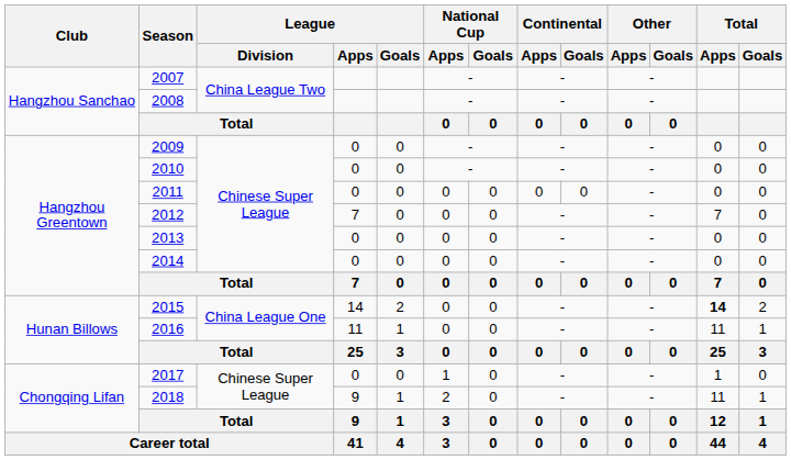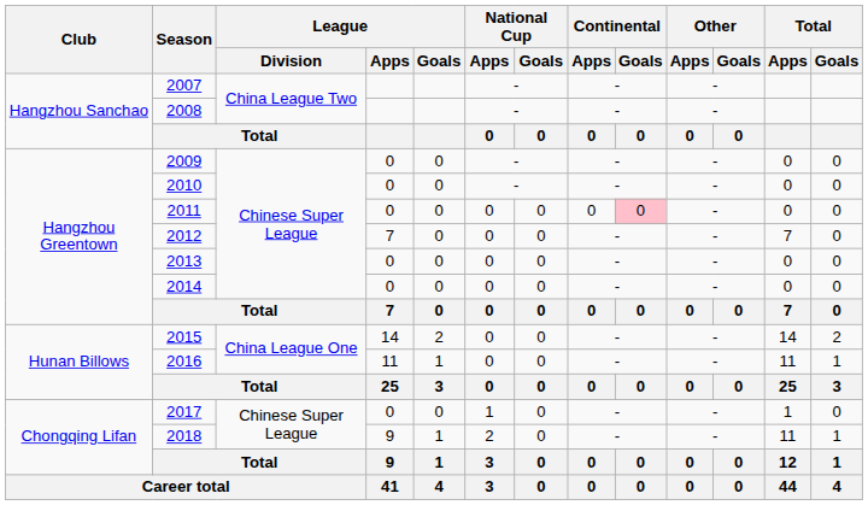 <table class="wikitable" style="text-align: center">
 <tr>
 <th rowspan="2">Club</th>
 <th rowspan="2">Season</th>
 <th colspan="3">League</th>
 <th colspan="2">National Cup</th>
 <th colspan="2">Continental</th>
 <th colspan="2">Other</th>
 <th colspan="2">Total</th>
 </tr>
 <tr>
 <th>Division</th>
 <th>Apps</th>
 <th>Goals</th>
 <th>Apps</th>
 <th>Goals</th>
 <th>Apps</th>
 <th>Goals</th>
 <th>Apps</th>
 <th>Goals</th>
 <th>Apps</th>
 <th>Goals</th>
 </tr>
 <tr>
 <td rowspan="3"><a href='#'>Hangzhou Sanchao</a></td>
 <td><a href='#'>2007</a></td>
 <td rowspan="2"><a href='#'>China League Two</a></td>
 <td></td>
 <td></td>
 <td colspan="2">-</td>
 <td colspan="2">-</td>
 <td colspan="2">-</td>
 <td></td>
 <td></td>
 </tr>
 <tr>
 <td><a href='#'>2008</a></td>
 <td></td>
 <td></td>
 <td colspan="2">-</td>
 <td colspan="2">-</td>
 <td colspan="2">-</td>
 <td></td>
 <td></td>
 </tr>
 <tr>
 <th colspan="2">Total</th>
 <th></th>
 <th></th>
 <th>0</th>
 <th>0</th>
 <th>0</th>
 <th>0</th>
 <th>0</th>
 <th>0</th>
 <th></th>
 <th></th>
 </tr>
 <tr>
 <td rowspan="7"><a href='#'>Hangzhou Greentown</a></td>
 <td><a href='#'>2009</a></td>
 <td rowspan="6"><a href='#'>Chinese Super League</a></td>
 <td>0</td>
 <td>0</td>
 <td colspan="2">-</td>
 <td colspan="2">-</td>
 <td colspan="2">-</td>
 <td>0</td>
 <td>0</td>
 </tr>
 <tr>
 <td><a href='#'>2010</a></td>
 <td>0</td>
 <td>0</td>
 <td colspan="2">-</td>
 <td colspan="2">-</td>
 <td colspan="2">-</td>
 <td>0</td>
 <td>0</td>
 </tr>
 <tr>
 <td><a href='#'>2011</a></td>
 <td>0</td>
 <td>0</td>
 <td>0</td>
 <td>0</td>
 <td>0</td>
-<td>0</td>
+<td style="background: pink;">0</td>
 <td colspan="2">-</td>
 <td>0</td>
 <td>0</td>
 </tr>
 <tr>
 <td><a href='#'>2012</a></td>
 <td>7</td>
 <td>0</td>
 <td>0</td>
 <td>0</td>
 <td colspan="2">-</td>
 <td colspan="2">-</td>
 <td>7</td>
 <td>0</td>
 </tr>
 <tr>
 <td><a href='#'>2013</a></td>
 <td>0</td>
 <td>0</td>
 <td>0</td>
 <td>0</td>
 <td colspan="2">-</td>
 <td colspan="2">-</td>
 <td>0</td>
 <td>0</td>
 </tr>
 <tr>
 <td><a href='#'>2014</a></td>
 <td>0</td>
 <td>0</td>
 <td>0</td>
 <td>0</td>
 <td colspan="2">-</td>
 <td colspan="2">-</td>
 <td>0</td>
 <td>0</td>
 </tr>
 <tr>
 <th colspan="2">Total</th>
 <th>7</th>
 <th>0</th>
 <th>0</th>
 <th>0</th>
 <th>0</th>
 <th>0</th>
 <th>0</th>
 <th>0</th>
 <th>7</th>
 <th>0</th>
 </tr>
 <tr>
 <td rowspan="3"><a href='#'>Hunan Billows</a></td>
 <td><a href='#'>2015</a></td>
 <td rowspan="2"><a href='#'>China League One</a></td>
 <td>14</td>
 <td>2</td>
 <td>0</td>
 <td>0</td>
 <td colspan="2">-</td>
 <td colspan="2">-</td>
-<td><strong>14</strong></td>
+<td>14</td>
 <td>2</td>
 </tr>
 <tr>
 <td><a href='#'>2016</a></td>
 <td>11</td>
 <td>1</td>
 <td>0</td>
 <td>0</td>
 <td colspan="2">-</td>
 <td colspan="2">-</td>
 <td>11</td>
 <td>1</td>
 </tr>
 <tr>
 <th colspan="2">Total</th>
 <th>25</th>
 <th>3</th>
 <th>0</th>
 <th>0</th>
 <th>0</th>
 <th>0</th>
 <th>0</th>
 <th>0</th>
 <th>25</th>
 <th>3</th>
 </tr>
 <tr>
 <td rowspan="3"><a href='#'>Chongqing Lifan</a></td>
 <td><a href='#'>2017</a></td>
 <td rowspan="2">Chinese Super League</td>
 <td>0</td>
 <td>0</td>
 <td>1</td>
 <td>0</td>
 <td colspan="2">-</td>
 <td colspan="2">-</td>
 <td>1</td>
 <td>0</td>
 </tr>
 <tr>
 <td><a href='#'>2018</a></td>
 <td>9</td>
 <td>1</td>
 <td>2</td>
 <td>0</td>
 <td colspan="2">-</td>
 <td colspan="2">-</td>
 <td>11</td>
 <td>1</td>
 </tr>
 <tr>
 <th colspan="2">Total</th>
 <th>9</th>
 <th>1</th>
 <th>3</th>
 <th>0</th>
 <th>0</th>
 <th>0</th>
 <th>0</th>
 <th>0</th>
 <th>12</th>
 <th>1</th>
 </tr>
 <tr>
 <th colspan=3>Career total</th>
 <th>41</th>
 <th>4</th>
 <th>3</th>
 <th>0</th>
 <th>0</th>
 <th>0</th>
 <th>0</th>
 <th>0</th>
 <th>44</th>
 <th>4</th>
 </tr>
 </table>
